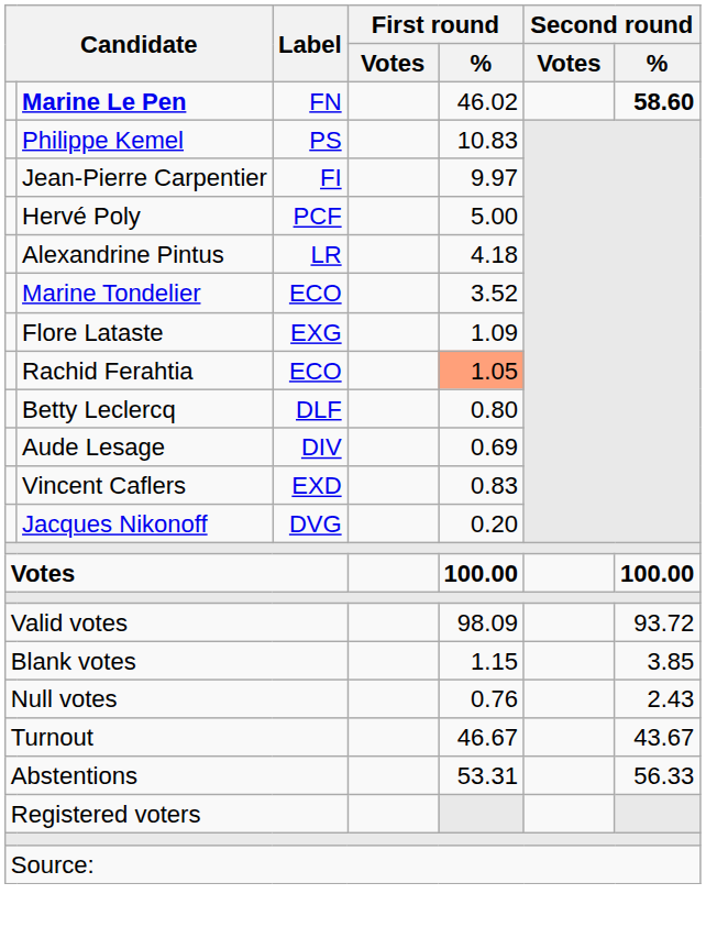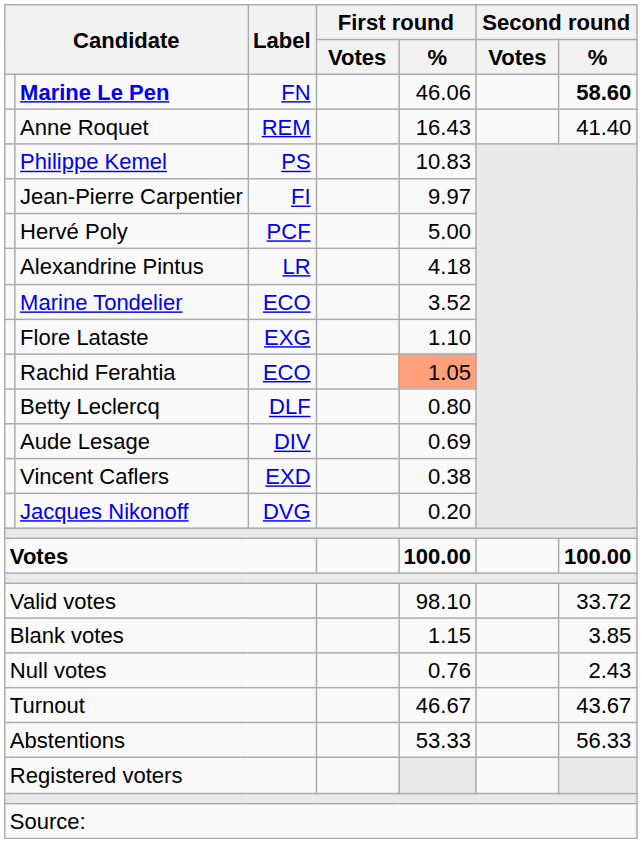 <table class="wikitable" style="text-align:right;font-size:95%;">
 <tr>
 <th rowspan="2" colspan="2">Candidate</th>
 <th rowspan="2">Label</th>
 <th colspan="2">First round</th>
 <th colspan="2">Second round</th>
 </tr>
 <tr>
 <th style="width:50px;">Votes</th>
 <th style="width:45px;">%</th>
 <th style="width:50px;">Votes</th>
 <th style="width:45px;">%</th>
 </tr>
 <tr>
 <td style="color:inherit;background:"></td>
 <td style="text-align:left;"><strong><a href='#'>Marine Le Pen</a></strong></td>
 <td><a href='#'>FN</a></td>
 <td></td>
-<td>46.02</td>
+<td>46.06</td>
 <td><strong></strong></td>
 <td><strong>58.60</strong></td>
+</tr>
+<tr>
+<td style="color:inherit;background:"></td>
+<td style="text-align:left;">Anne Roquet</td>
+<td><a href='#'>REM</a></td>
+<td></td>
+<td>16.43</td>
+<td></td>
+<td>41.40</td>
 </tr>
 <tr>
 <td style="color:inherit;background:"></td>
 <td style="text-align:left;"><a href='#'>Philippe Kemel</a></td>
 <td><a href='#'>PS</a></td>
 <td></td>
 <td>10.83</td>
 <td colspan="2" rowspan="11" style="background:#E9E9E9;"></td>
 </tr>
 <tr>
 <td style="color:inherit;background:"></td>
 <td style="text-align:left;">Jean-Pierre Carpentier</td>
 <td><a href='#'>FI</a></td>
 <td></td>
 <td>9.97</td>
 </tr>
 <tr>
 <td style="color:inherit;background:"></td>
 <td style="text-align:left;">Hervé Poly</td>
 <td><a href='#'>PCF</a></td>
 <td></td>
 <td>5.00</td>
 </tr>
 <tr>
 <td style="color:inherit;background:"></td>
 <td style="text-align:left;">Alexandrine Pintus</td>
 <td><a href='#'>LR</a></td>
 <td></td>
 <td>4.18</td>
 </tr>
 <tr>
 <td style="color:inherit;background:"></td>
 <td style="text-align:left;"><a href='#'>Marine Tondelier</a></td>
 <td><a href='#'>ECO</a></td>
 <td></td>
 <td>3.52</td>
 </tr>
 <tr>
 <td style="color:inherit;background:"></td>
 <td style="text-align:left;">Flore Lataste</td>
 <td><a href='#'>EXG</a></td>
 <td></td>
-<td>1.09</td>
+<td>1.10</td>
 </tr>
 <tr>
 <td style="color:inherit;background:"></td>
 <td style="text-align:left;">Rachid Ferahtia</td>
 <td><a href='#'>ECO</a></td>
 <td></td>
 <td style="background: lightsalmon;">1.05</td>
 </tr>
 <tr>
 <td style="color:inherit;background:"></td>
 <td style="text-align:left;">Betty Leclercq</td>
 <td><a href='#'>DLF</a></td>
 <td></td>
 <td>0.80</td>
 </tr>
 <tr>
 <td style="color:inherit;background:"></td>
 <td style="text-align:left;">Aude Lesage</td>
 <td><a href='#'>DIV</a></td>
 <td></td>
 <td>0.69</td>
 </tr>
 <tr>
 <td style="color:inherit;background:"></td>
 <td style="text-align:left;">Vincent Caflers</td>
 <td><a href='#'>EXD</a></td>
 <td></td>
-<td>0.83</td>
+<td>0.38</td>
 </tr>
 <tr>
 <td style="color:inherit;background:"></td>
 <td style="text-align:left;"><a href='#'>Jacques Nikonoff</a></td>
 <td><a href='#'>DVG</a></td>
 <td></td>
 <td>0.20</td>
 </tr>
 <tr>
 <td colspan="7" style="background:#E9E9E9;"></td>
 </tr>
 <tr style="font-weight:bold;">
 <td colspan="3" style="text-align:left;">Votes</td>
 <td></td>
 <td>100.00</td>
 <td></td>
 <td>100.00</td>
 </tr>
 <tr>
 <td colspan="7" style="background:#E9E9E9;"></td>
 </tr>
 <tr>
 <td colspan="3" style="text-align:left;">Valid votes</td>
 <td></td>
-<td>98.09</td>
+<td>98.10</td>
 <td></td>
-<td>93.72</td>
+<td>33.72</td>
 </tr>
 <tr>
 <td colspan="3" style="text-align:left;">Blank votes</td>
 <td></td>
 <td>1.15</td>
 <td></td>
 <td>3.85</td>
 </tr>
 <tr>
 <td colspan="3" style="text-align:left;">Null votes</td>
 <td></td>
 <td>0.76</td>
 <td></td>
 <td>2.43</td>
 </tr>
 <tr>
 <td colspan="3" style="text-align:left;">Turnout</td>
 <td></td>
 <td>46.67</td>
 <td></td>
 <td>43.67</td>
 </tr>
 <tr>
 <td colspan="3" style="text-align:left;">Abstentions</td>
 <td></td>
-<td>53.31</td>
+<td>53.33</td>
 <td></td>
 <td>56.33</td>
 </tr>
 <tr>
 <td colspan="3" style="text-align:left;">Registered voters</td>
 <td></td>
 <td style="background:#E9E9E9;"></td>
 <td></td>
 <td style="background:#E9E9E9;"></td>
 </tr>
 <tr>
 <td colspan="7" style="background:#E9E9E9;"></td>
 </tr>
 <tr>
 <td colspan="7" style="text-align:left;">Source: </td>
 </tr>
 </table>
